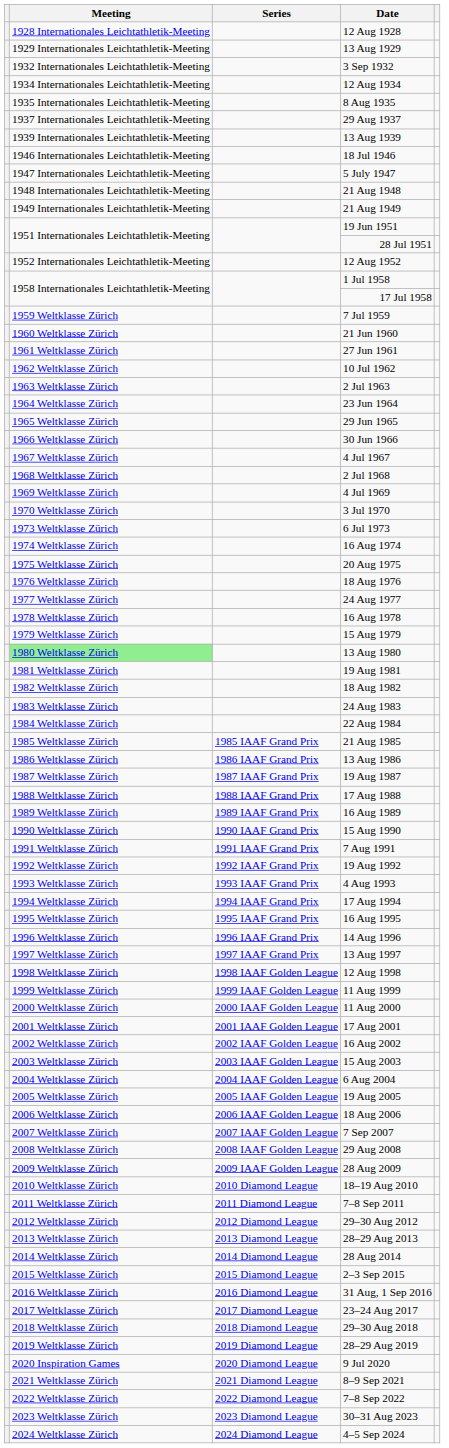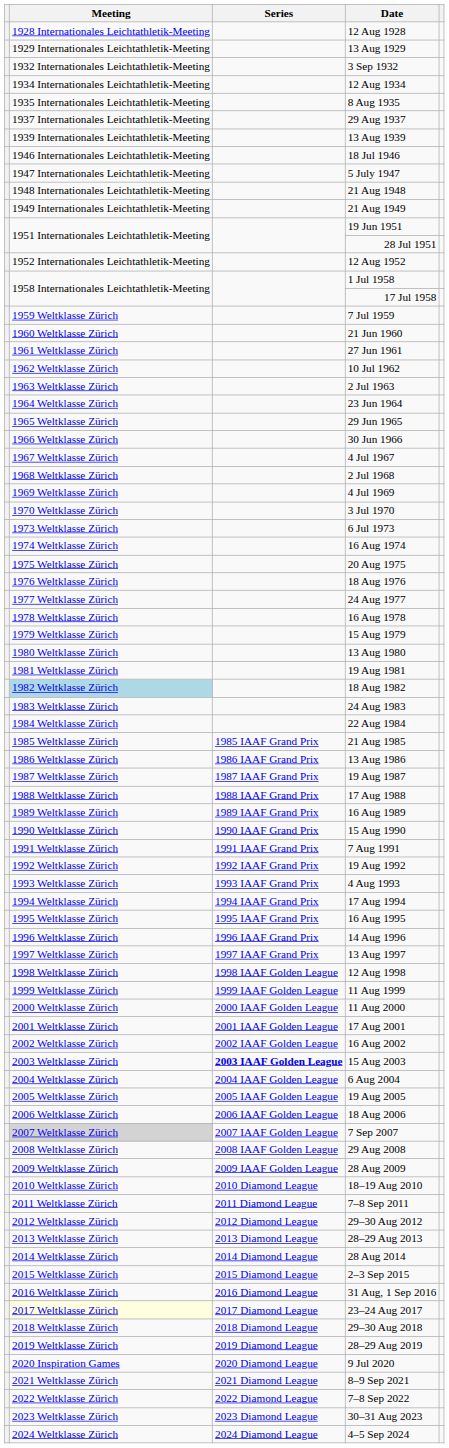 <table class="wikitable plainrowheaders sticky-header defaultleft col4right">
 <tr>
 <th scope="col"></th>
 <th scope="col">Meeting</th>
 <th scope="col">Series</th>
 <th scope="col">Date</th>
 <th scope="col"></th>
 </tr>
 <tr>
 <th scope="row"></th>
 <td><a href='#'>1928 Internationales Leichtathletik-Meeting</a></td>
 <td></td>
 <td>12 Aug 1928</td>
 <td></td>
 </tr>
 <tr>
 <th scope="row"></th>
 <td>1929 Internationales Leichtathletik-Meeting</td>
 <td></td>
 <td>13 Aug 1929</td>
 <td></td>
 </tr>
 <tr>
 <th scope="row"></th>
 <td>1932 Internationales Leichtathletik-Meeting</td>
 <td></td>
 <td>3 Sep 1932</td>
 <td></td>
 </tr>
 <tr>
 <th scope="row"></th>
 <td>1934 Internationales Leichtathletik-Meeting</td>
 <td></td>
 <td>12 Aug 1934</td>
 <td></td>
 </tr>
 <tr>
 <th scope="row"></th>
 <td>1935 Internationales Leichtathletik-Meeting</td>
 <td></td>
 <td>8 Aug 1935</td>
 <td></td>
 </tr>
 <tr>
 <th scope="row"></th>
 <td>1937 Internationales Leichtathletik-Meeting</td>
 <td></td>
 <td>29 Aug 1937</td>
 <td></td>
 </tr>
 <tr>
 <th scope="row"></th>
 <td>1939 Internationales Leichtathletik-Meeting</td>
 <td></td>
 <td>13 Aug 1939</td>
 <td></td>
 </tr>
 <tr>
 <th scope="row"></th>
 <td>1946 Internationales Leichtathletik-Meeting</td>
 <td></td>
 <td>18 Jul 1946</td>
 <td></td>
 </tr>
 <tr>
 <th scope="row"></th>
 <td>1947 Internationales Leichtathletik-Meeting</td>
 <td></td>
 <td>5 July 1947</td>
 <td></td>
 </tr>
 <tr>
 <th scope="row"></th>
 <td>1948 Internationales Leichtathletik-Meeting</td>
 <td></td>
 <td>21 Aug 1948</td>
 <td></td>
 </tr>
 <tr>
 <th scope="row"></th>
 <td>1949 Internationales Leichtathletik-Meeting</td>
 <td></td>
 <td>21 Aug 1949</td>
 <td></td>
 </tr>
 <tr>
 <th scope="rowgroup" rowspan="2"></th>
 <td rowspan="2">1951 Internationales Leichtathletik-Meeting</td>
 <td rowspan="2"></td>
 <td>19 Jun 1951</td>
 <td></td>
 </tr>
 <tr>
 <td style="text-align: right;">28 Jul 1951</td>
 <td></td>
 </tr>
 <tr>
 <th scope="row"></th>
 <td>1952 Internationales Leichtathletik-Meeting</td>
 <td></td>
 <td>12 Aug 1952</td>
 <td></td>
 </tr>
 <tr>
 <th scope="rowgroup" rowspan="2"></th>
 <td rowspan="2">1958 Internationales Leichtathletik-Meeting</td>
 <td rowspan="2"></td>
 <td>1 Jul 1958</td>
 <td></td>
 </tr>
 <tr>
 <td style="text-align: right;">17 Jul 1958</td>
 <td></td>
 </tr>
 <tr>
 <th scope="row"></th>
 <td><a href='#'>1959 Weltklasse Zürich</a></td>
 <td></td>
 <td>7 Jul 1959</td>
 <td></td>
 </tr>
 <tr>
 <th scope="row"></th>
 <td><a href='#'>1960 Weltklasse Zürich</a></td>
 <td></td>
 <td>21 Jun 1960</td>
 <td></td>
 </tr>
 <tr>
 <th scope="row"></th>
 <td><a href='#'>1961 Weltklasse Zürich</a></td>
 <td></td>
 <td>27 Jun 1961</td>
 <td></td>
 </tr>
 <tr>
 <th scope="row"></th>
 <td><a href='#'>1962 Weltklasse Zürich</a></td>
 <td></td>
 <td>10 Jul 1962</td>
 <td></td>
 </tr>
 <tr>
 <th scope="row"></th>
 <td><a href='#'>1963 Weltklasse Zürich</a></td>
 <td></td>
 <td>2 Jul 1963</td>
 <td></td>
 </tr>
 <tr>
 <th scope="row"></th>
 <td><a href='#'>1964 Weltklasse Zürich</a></td>
 <td></td>
 <td>23 Jun 1964</td>
 <td></td>
 </tr>
 <tr>
 <th scope="row"></th>
 <td><a href='#'>1965 Weltklasse Zürich</a></td>
 <td></td>
 <td>29 Jun 1965</td>
 <td></td>
 </tr>
 <tr>
 <th scope="row"></th>
 <td><a href='#'>1966 Weltklasse Zürich</a></td>
 <td></td>
 <td>30 Jun 1966</td>
 <td></td>
 </tr>
 <tr>
 <th scope="row"></th>
 <td><a href='#'>1967 Weltklasse Zürich</a></td>
 <td></td>
 <td>4 Jul 1967</td>
 <td></td>
 </tr>
 <tr>
 <th scope="row"></th>
 <td><a href='#'>1968 Weltklasse Zürich</a></td>
 <td></td>
 <td>2 Jul 1968</td>
 <td></td>
 </tr>
 <tr>
 <th scope="row"></th>
 <td><a href='#'>1969 Weltklasse Zürich</a></td>
 <td></td>
 <td>4 Jul 1969</td>
 <td></td>
 </tr>
 <tr>
 <th scope="row"></th>
 <td><a href='#'>1970 Weltklasse Zürich</a></td>
 <td></td>
 <td>3 Jul 1970</td>
 <td></td>
 </tr>
 <tr>
 <th scope="row"></th>
 <td><a href='#'>1973 Weltklasse Zürich</a></td>
 <td></td>
 <td>6 Jul 1973</td>
 <td></td>
 </tr>
 <tr>
 <th scope="row"></th>
 <td><a href='#'>1974 Weltklasse Zürich</a></td>
 <td></td>
 <td>16 Aug 1974</td>
 <td></td>
 </tr>
 <tr>
 <th scope="row"></th>
 <td><a href='#'>1975 Weltklasse Zürich</a></td>
 <td></td>
 <td>20 Aug 1975</td>
 <td></td>
 </tr>
 <tr>
 <th scope="row"></th>
 <td><a href='#'>1976 Weltklasse Zürich</a></td>
 <td></td>
 <td>18 Aug 1976</td>
 <td></td>
 </tr>
 <tr>
 <th scope="row"></th>
 <td><a href='#'>1977 Weltklasse Zürich</a></td>
 <td></td>
 <td>24 Aug 1977</td>
 <td></td>
 </tr>
 <tr>
 <th scope="row"></th>
 <td><a href='#'>1978 Weltklasse Zürich</a></td>
 <td></td>
 <td>16 Aug 1978</td>
 <td></td>
 </tr>
 <tr>
 <th scope="row"></th>
 <td><a href='#'>1979 Weltklasse Zürich</a></td>
 <td></td>
 <td>15 Aug 1979</td>
 <td></td>
 </tr>
 <tr>
 <th scope="row"></th>
-<td style="background: lightgreen;"><a href='#'>1980 Weltklasse Zürich</a></td>
+<td><a href='#'>1980 Weltklasse Zürich</a></td>
 <td></td>
 <td>13 Aug 1980</td>
 <td></td>
 </tr>
 <tr>
 <th scope="row"></th>
 <td><a href='#'>1981 Weltklasse Zürich</a></td>
 <td></td>
 <td>19 Aug 1981</td>
 <td></td>
 </tr>
 <tr>
 <th scope="row"></th>
-<td><a href='#'>1982 Weltklasse Zürich</a></td>
+<td style="background: lightblue;"><a href='#'>1982 Weltklasse Zürich</a></td>
 <td></td>
 <td>18 Aug 1982</td>
 <td></td>
 </tr>
 <tr>
 <th scope="row"></th>
 <td><a href='#'>1983 Weltklasse Zürich</a></td>
 <td></td>
 <td>24 Aug 1983</td>
 <td></td>
 </tr>
 <tr>
 <th scope="row"></th>
 <td><a href='#'>1984 Weltklasse Zürich</a></td>
 <td></td>
 <td>22 Aug 1984</td>
 <td></td>
 </tr>
 <tr>
 <th scope="row"></th>
 <td><a href='#'>1985 Weltklasse Zürich</a></td>
 <td><a href='#'>1985 IAAF Grand Prix</a></td>
 <td>21 Aug 1985</td>
 <td></td>
 </tr>
 <tr>
 <th scope="row"></th>
 <td><a href='#'>1986 Weltklasse Zürich</a></td>
 <td><a href='#'>1986 IAAF Grand Prix</a></td>
 <td>13 Aug 1986</td>
 <td></td>
 </tr>
 <tr>
 <th scope="row"></th>
 <td><a href='#'>1987 Weltklasse Zürich</a></td>
 <td><a href='#'>1987 IAAF Grand Prix</a></td>
 <td>19 Aug 1987</td>
 <td></td>
 </tr>
 <tr>
 <th scope="row"></th>
 <td><a href='#'>1988 Weltklasse Zürich</a></td>
 <td><a href='#'>1988 IAAF Grand Prix</a></td>
 <td>17 Aug 1988</td>
 <td></td>
 </tr>
 <tr>
 <th scope="row"></th>
 <td><a href='#'>1989 Weltklasse Zürich</a></td>
 <td><a href='#'>1989 IAAF Grand Prix</a></td>
 <td>16 Aug 1989</td>
 <td></td>
 </tr>
 <tr>
 <th scope="row"></th>
 <td><a href='#'>1990 Weltklasse Zürich</a></td>
 <td><a href='#'>1990 IAAF Grand Prix</a></td>
 <td>15 Aug 1990</td>
 <td></td>
 </tr>
 <tr>
 <th scope="row"></th>
 <td><a href='#'>1991 Weltklasse Zürich</a></td>
 <td><a href='#'>1991 IAAF Grand Prix</a></td>
 <td>7 Aug 1991</td>
 <td></td>
 </tr>
 <tr>
 <th scope="row"></th>
 <td><a href='#'>1992 Weltklasse Zürich</a></td>
 <td><a href='#'>1992 IAAF Grand Prix</a></td>
 <td>19 Aug 1992</td>
 <td></td>
 </tr>
 <tr>
 <th scope="row"></th>
 <td><a href='#'>1993 Weltklasse Zürich</a></td>
 <td><a href='#'>1993 IAAF Grand Prix</a></td>
 <td>4 Aug 1993</td>
 <td></td>
 </tr>
 <tr>
 <th scope="row"></th>
 <td><a href='#'>1994 Weltklasse Zürich</a></td>
 <td><a href='#'>1994 IAAF Grand Prix</a></td>
 <td>17 Aug 1994</td>
 <td></td>
 </tr>
 <tr>
 <th scope="row"></th>
 <td><a href='#'>1995 Weltklasse Zürich</a></td>
 <td><a href='#'>1995 IAAF Grand Prix</a></td>
 <td>16 Aug 1995</td>
 <td></td>
 </tr>
 <tr>
 <th scope="row"></th>
 <td><a href='#'>1996 Weltklasse Zürich</a></td>
 <td><a href='#'>1996 IAAF Grand Prix</a></td>
 <td>14 Aug 1996</td>
 <td></td>
 </tr>
 <tr>
 <th scope="row"></th>
 <td><a href='#'>1997 Weltklasse Zürich</a></td>
 <td><a href='#'>1997 IAAF Grand Prix</a></td>
 <td>13 Aug 1997</td>
 <td></td>
 </tr>
 <tr>
 <th scope="row"></th>
 <td><a href='#'>1998 Weltklasse Zürich</a></td>
 <td><a href='#'>1998 IAAF Golden League</a></td>
 <td>12 Aug 1998</td>
 <td></td>
 </tr>
 <tr>
 <th scope="row"></th>
 <td><a href='#'>1999 Weltklasse Zürich</a></td>
 <td><a href='#'>1999 IAAF Golden League</a></td>
 <td>11 Aug 1999</td>
 <td></td>
 </tr>
 <tr>
 <th scope="row"></th>
 <td><a href='#'>2000 Weltklasse Zürich</a></td>
 <td><a href='#'>2000 IAAF Golden League</a></td>
 <td>11 Aug 2000</td>
 <td></td>
 </tr>
 <tr>
 <th scope="row"></th>
 <td><a href='#'>2001 Weltklasse Zürich</a></td>
 <td><a href='#'>2001 IAAF Golden League</a></td>
 <td>17 Aug 2001</td>
 <td></td>
 </tr>
 <tr>
 <th scope="row"></th>
 <td><a href='#'>2002 Weltklasse Zürich</a></td>
 <td><a href='#'>2002 IAAF Golden League</a></td>
 <td>16 Aug 2002</td>
 <td></td>
 </tr>
 <tr>
 <th scope="row"></th>
 <td><a href='#'>2003 Weltklasse Zürich</a></td>
-<td><a href='#'>2003 IAAF Golden League</a></td>
+<td><strong><a href='#'>2003 IAAF Golden League</a></strong></td>
 <td>15 Aug 2003</td>
 <td></td>
 </tr>
 <tr>
 <th scope="row"></th>
 <td><a href='#'>2004 Weltklasse Zürich</a></td>
 <td><a href='#'>2004 IAAF Golden League</a></td>
 <td>6 Aug 2004</td>
 <td></td>
 </tr>
 <tr>
 <th scope="row"></th>
 <td><a href='#'>2005 Weltklasse Zürich</a></td>
 <td><a href='#'>2005 IAAF Golden League</a></td>
 <td>19 Aug 2005</td>
 <td></td>
 </tr>
 <tr>
 <th scope="row"></th>
 <td><a href='#'>2006 Weltklasse Zürich</a></td>
 <td><a href='#'>2006 IAAF Golden League</a></td>
 <td>18 Aug 2006</td>
 <td></td>
 </tr>
 <tr>
 <th scope="row"></th>
-<td><a href='#'>2007 Weltklasse Zürich</a></td>
+<td style="background: lightgrey;"><a href='#'>2007 Weltklasse Zürich</a></td>
 <td><a href='#'>2007 IAAF Golden League</a></td>
 <td>7 Sep 2007</td>
 <td></td>
 </tr>
 <tr>
 <th scope="row"></th>
 <td><a href='#'>2008 Weltklasse Zürich</a></td>
 <td><a href='#'>2008 IAAF Golden League</a></td>
 <td>29 Aug 2008</td>
 <td></td>
 </tr>
 <tr>
 <th scope="row"></th>
 <td><a href='#'>2009 Weltklasse Zürich</a></td>
 <td><a href='#'>2009 IAAF Golden League</a></td>
 <td>28 Aug 2009</td>
 <td></td>
 </tr>
 <tr>
 <th scope="row"></th>
 <td><a href='#'>2010 Weltklasse Zürich</a></td>
 <td><a href='#'>2010 Diamond League</a></td>
 <td>18–19 Aug 2010</td>
 <td></td>
 </tr>
 <tr>
 <th scope="row"></th>
 <td><a href='#'>2011 Weltklasse Zürich</a></td>
 <td><a href='#'>2011 Diamond League</a></td>
 <td>7–8 Sep 2011</td>
 <td></td>
 </tr>
 <tr>
 <th scope="row"></th>
 <td><a href='#'>2012 Weltklasse Zürich</a></td>
 <td><a href='#'>2012 Diamond League</a></td>
 <td>29–30 Aug 2012</td>
 <td></td>
 </tr>
 <tr>
 <th scope="row"></th>
 <td><a href='#'>2013 Weltklasse Zürich</a></td>
 <td><a href='#'>2013 Diamond League</a></td>
 <td>28–29 Aug 2013</td>
 <td></td>
 </tr>
 <tr>
 <th scope="row"></th>
 <td><a href='#'>2014 Weltklasse Zürich</a></td>
 <td><a href='#'>2014 Diamond League</a></td>
 <td>28 Aug 2014</td>
 <td></td>
 </tr>
 <tr>
 <th scope="row"></th>
 <td><a href='#'>2015 Weltklasse Zürich</a></td>
 <td><a href='#'>2015 Diamond League</a></td>
 <td>2–3 Sep 2015</td>
 <td></td>
 </tr>
 <tr>
 <th scope="row"></th>
 <td><a href='#'>2016 Weltklasse Zürich</a></td>
 <td><a href='#'>2016 Diamond League</a></td>
 <td>31 Aug, 1 Sep 2016</td>
 <td></td>
 </tr>
 <tr>
 <th scope="row"></th>
-<td><a href='#'>2017 Weltklasse Zürich</a></td>
+<td style="background: lightyellow;"><a href='#'>2017 Weltklasse Zürich</a></td>
 <td><a href='#'>2017 Diamond League</a></td>
 <td>23–24 Aug 2017</td>
 <td></td>
 </tr>
 <tr>
 <th scope="row"></th>
 <td><a href='#'>2018 Weltklasse Zürich</a></td>
 <td><a href='#'>2018 Diamond League</a></td>
 <td>29–30 Aug 2018</td>
 <td></td>
 </tr>
 <tr>
 <th scope="row"></th>
 <td><a href='#'>2019 Weltklasse Zürich</a></td>
 <td><a href='#'>2019 Diamond League</a></td>
 <td>28–29 Aug 2019</td>
 <td></td>
 </tr>
 <tr>
 <th scope="row"></th>
 <td><a href='#'>2020 Inspiration Games</a></td>
 <td><a href='#'>2020 Diamond League</a></td>
 <td>9 Jul 2020</td>
 <td></td>
 </tr>
 <tr>
 <th scope="row"></th>
 <td><a href='#'>2021 Weltklasse Zürich</a></td>
 <td><a href='#'>2021 Diamond League</a></td>
 <td>8–9 Sep 2021</td>
 <td></td>
 </tr>
 <tr>
 <th scope="row"></th>
 <td><a href='#'>2022 Weltklasse Zürich</a></td>
 <td><a href='#'>2022 Diamond League</a></td>
 <td>7–8 Sep 2022</td>
 <td></td>
 </tr>
 <tr>
 <th scope="row"></th>
 <td><a href='#'>2023 Weltklasse Zürich</a></td>
 <td><a href='#'>2023 Diamond League</a></td>
 <td>30–31 Aug 2023</td>
 <td></td>
 </tr>
 <tr>
 <th scope="row"></th>
 <td><a href='#'>2024 Weltklasse Zürich</a></td>
 <td><a href='#'>2024 Diamond League</a></td>
 <td>4–5 Sep 2024</td>
 <td></td>
 </tr>
 </table>
